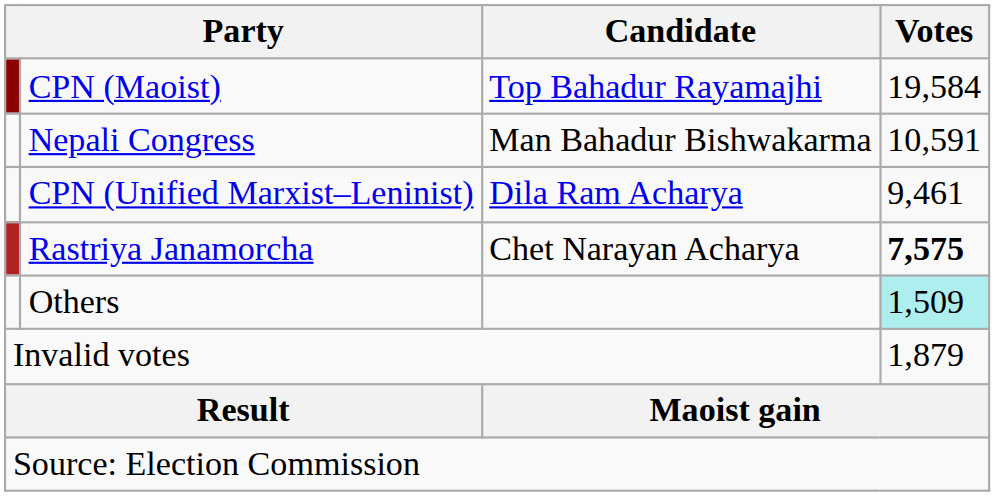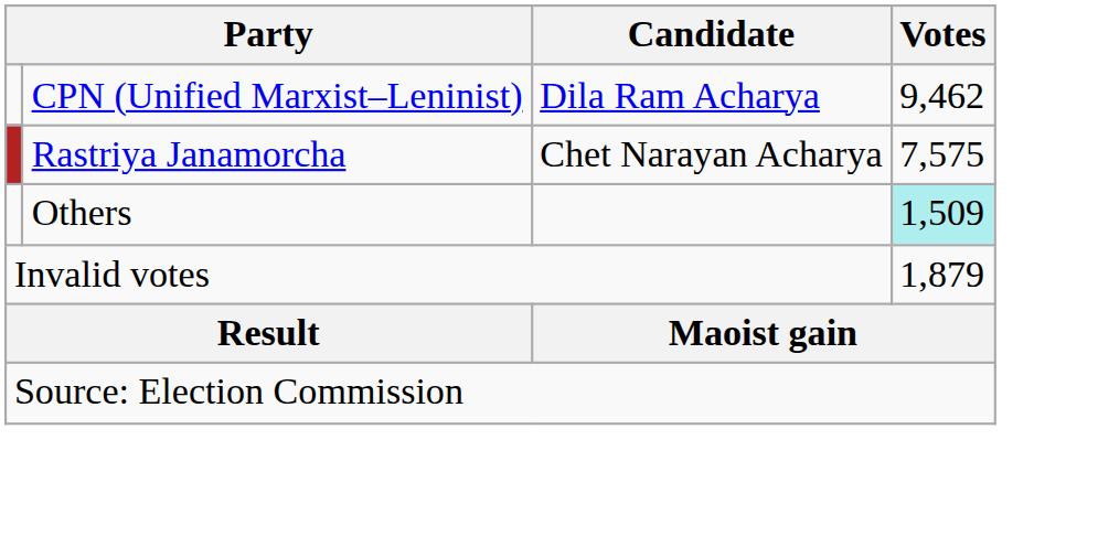 <table class="wikitable">
 <tr>
 <th colspan="2">Party</th>
 <th>Candidate</th>
 <th>Votes</th>
 </tr>
 <tr>
-<td style="background-color:darkred"></td>
-<td><a href='#'>CPN (Maoist)</a></td>
-<td><a href='#'>Top Bahadur Rayamajhi</a></td>
-<td>19,584</td>
-</tr>
-<tr>
-<td style="background-color:"></td>
-<td><a href='#'>Nepali Congress</a></td>
-<td>Man Bahadur Bishwakarma</td>
-<td>10,591</td>
-</tr>
-<tr>
 <td style="background-color:"></td>
 <td><a href='#'>CPN (Unified Marxist–Leninist)</a></td>
 <td><a href='#'>Dila Ram Acharya</a></td>
-<td>9,461</td>
+<td>9,462</td>
 </tr>
 <tr>
 <td style="background-color:firebrick"></td>
 <td><a href='#'>Rastriya Janamorcha</a></td>
 <td>Chet Narayan Acharya</td>
-<td><strong>7,575</strong></td>
+<td>7,575</td>
 </tr>
 <tr>
 <td></td>
 <td>Others</td>
 <td></td>
 <td style="background: paleturquoise;">1,509</td>
 </tr>
 <tr>
 <td colspan="3">Invalid votes</td>
 <td>1,879</td>
 </tr>
 <tr>
 <th colspan="2">Result</th>
 <th colspan="2">Maoist gain</th>
 </tr>
 <tr>
 <td colspan="4">Source: Election Commission</td>
 </tr>
 </table>
